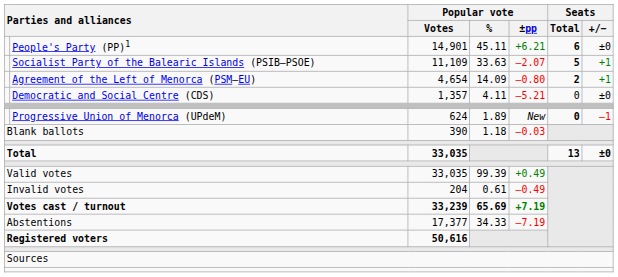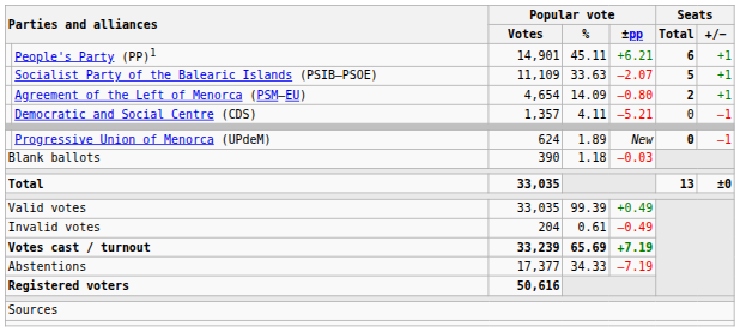 <table class="wikitable" style="text-align:right;">
 <tr>
 <th style="text-align:left;" rowspan="2" colspan="2" width="525">Parties and alliances</th>
 <th colspan="3">Popular vote</th>
 <th colspan="2">Seats</th>
 </tr>
 <tr>
 <th width="75">Votes</th>
 <th width="45">%</th>
 <th width="45">±<a href='#'>pp</a></th>
 <th width="35">Total</th>
 <th width="35">+/−</th>
 </tr>
 <tr>
 <td width="1" style="color:inherit;background:"></td>
 <td align="left"><a href='#'>People's Party</a> (PP)<sup>1</sup></td>
 <td>14,901</td>
 <td>45.11</td>
 <td style="color:green;">+6.21</td>
 <td><strong>6</strong></td>
-<td>±0</td>
+<td style="color:green;">+1</td>
 </tr>
 <tr>
 <td style="color:inherit;background:"></td>
 <td align="left"><a href='#'>Socialist Party of the Balearic Islands</a> (PSIB–PSOE)</td>
 <td>11,109</td>
 <td>33.63</td>
 <td style="color:red;">–2.07</td>
 <td><strong>5</strong></td>
 <td style="color:green;">+1</td>
 </tr>
 <tr>
 <td style="color:inherit;background:"></td>
 <td align="left"><a href='#'>Agreement of the Left of Menorca</a> (<a href='#'>PSM</a>–<a href='#'>EU</a>)</td>
 <td>4,654</td>
 <td>14.09</td>
 <td style="color:red;">–0.80</td>
 <td><strong>2</strong></td>
 <td style="color:green;">+1</td>
 </tr>
 <tr>
 <td style="color:inherit;background:"></td>
 <td align="left"><a href='#'>Democratic and Social Centre</a> (CDS)</td>
 <td>1,357</td>
 <td>4.11</td>
 <td style="color:red;">–5.21</td>
 <td>0</td>
-<td>±0</td>
+<td style="color:red;">–1</td>
 </tr>
 <tr>
 <td colspan="7" bgcolor="#C0C0C0"></td>
 </tr>
 <tr>
 <td style="color:inherit;background:"></td>
 <td align="left"><a href='#'>Progressive Union of Menorca</a> (UPdeM)</td>
 <td>624</td>
 <td>1.89</td>
 <td><em>New</em></td>
 <td><strong>0</strong></td>
 <td style="color:red;">–1</td>
 </tr>
 <tr>
 <td align="left" colspan="2">Blank ballots</td>
 <td>390</td>
 <td>1.18</td>
 <td style="color:red;">–0.03</td>
 <td bgcolor="#E9E9E9" colspan="2"></td>
 </tr>
 <tr>
 <td colspan="7" bgcolor="#E9E9E9"></td>
 </tr>
 <tr style="font-weight:bold;">
 <td align="left" colspan="2">Total</td>
 <td>33,035</td>
 <td bgcolor="#E9E9E9" colspan="2"></td>
 <td>13</td>
 <td>±0</td>
 </tr>
 <tr>
 <td colspan="7" bgcolor="#E9E9E9"></td>
 </tr>
 <tr>
 <td align="left" colspan="2">Valid votes</td>
 <td>33,035</td>
 <td>99.39</td>
 <td style="color:green;">+0.49</td>
 <td bgcolor="#E9E9E9" colspan="2" rowspan="5"></td>
 </tr>
 <tr>
 <td align="left" colspan="2">Invalid votes</td>
 <td>204</td>
 <td>0.61</td>
 <td style="color:red;">–0.49</td>
 </tr>
 <tr style="font-weight:bold;">
 <td align="left" colspan="2">Votes cast / turnout</td>
 <td>33,239</td>
 <td>65.69</td>
 <td style="color:green;">+7.19</td>
 </tr>
 <tr>
 <td align="left" colspan="2">Abstentions</td>
 <td>17,377</td>
 <td>34.33</td>
 <td style="color:red;">–7.19</td>
 </tr>
 <tr style="font-weight:bold;">
 <td align="left" colspan="2">Registered voters</td>
 <td>50,616</td>
 <td bgcolor="#E9E9E9" colspan="2"></td>
 </tr>
 <tr>
 <td colspan="7" bgcolor="#E9E9E9"></td>
 </tr>
 <tr>
 <td align="left" colspan="7">Sources</td>
 </tr>
 <tr>
 <td colspan="7" style="text-align:left; max-width:790px;"></td>
 </tr>
 </table>
